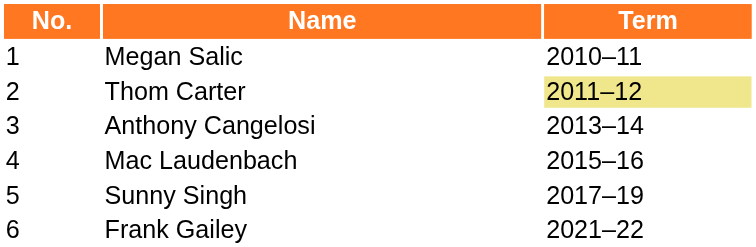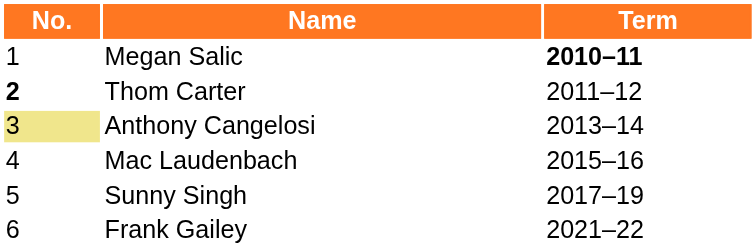 <table class="toccolours" style="width:30em">
 <tr>
 <th style="background:#FF7721;color:white;border:#FF7721 1px solid">No.</th>
 <th style="background:#FF7721;color:white;border:#FF7721 1px solid">Name</th>
 <th style="background:#FF7721;color:white;border:#FF7721 1px solid">Term</th>
 </tr>
 <tr>
 <td>1</td>
 <td> Megan Salic</td>
-<td>2010–11</td>
+<td><strong>2010–11</strong></td>
 </tr>
 <tr>
-<td>2</td>
+<td><strong>2</strong></td>
 <td> Thom Carter</td>
-<td style="background: khaki;">2011–12</td>
+<td>2011–12</td>
 </tr>
 <tr>
-<td>3</td>
+<td style="background: khaki;">3</td>
 <td> Anthony Cangelosi</td>
 <td>2013–14</td>
 </tr>
 <tr>
 <td>4</td>
 <td> Mac Laudenbach</td>
 <td>2015–16</td>
 </tr>
 <tr>
 <td>5</td>
 <td> Sunny Singh</td>
 <td>2017–19</td>
 </tr>
 <tr>
 <td>6</td>
 <td> Frank Gailey</td>
 <td>2021–22</td>
 </tr>
 <tr>
 </tr>
 </table>
